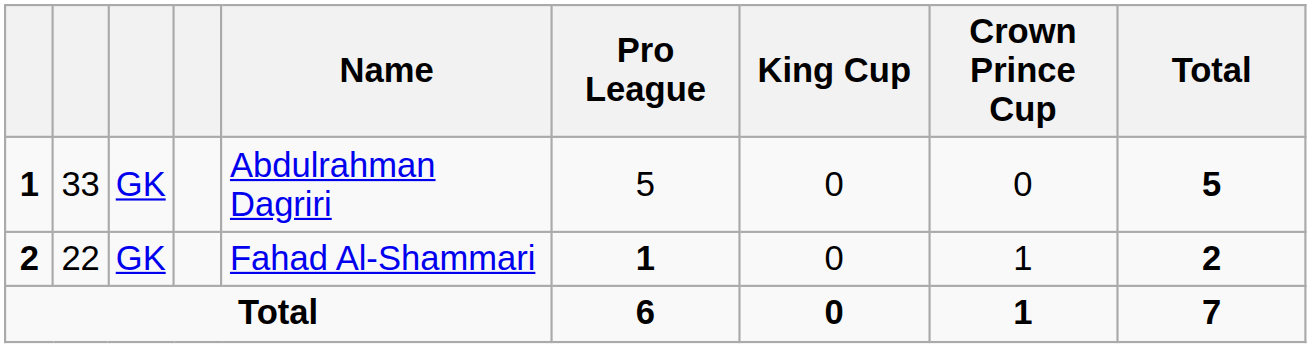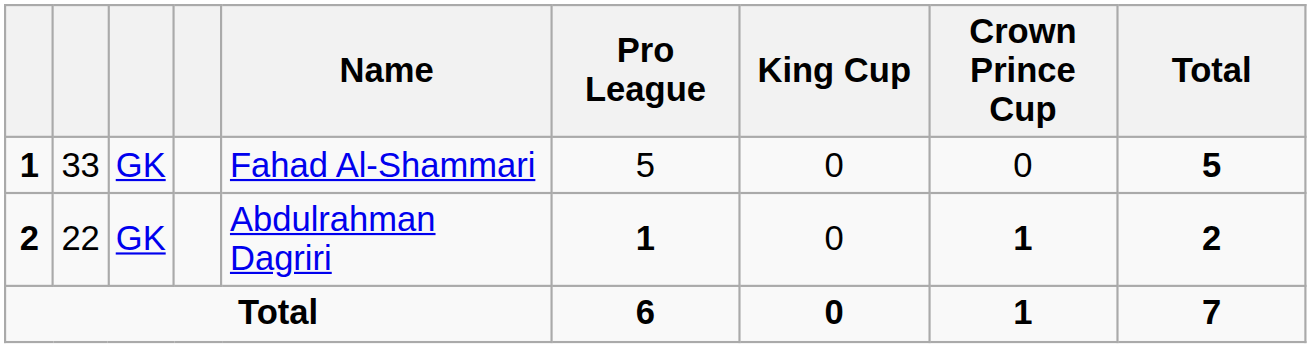 <table class="wikitable" style="text-align:center">
 <tr>
 <th width=15></th>
 <th width=15></th>
 <th width=15></th>
 <th width=15></th>
 <th width=145>Name</th>
 <th width=80>Pro League</th>
 <th width=80>King Cup</th>
 <th width=80>Crown Prince Cup</th>
 <th width=80>Total</th>
 </tr>
 <tr>
 <td><strong>1</strong></td>
 <td>33</td>
 <td><a href='#'>GK</a></td>
 <td></td>
-<td align=left><a href='#'>Abdulrahman Dagriri</a></td>
+<td align=left><a href='#'>Fahad Al-Shammari</a></td>
 <td>5</td>
 <td>0</td>
 <td>0</td>
 <td><strong>5</strong></td>
 </tr>
 <tr>
 <td><strong>2</strong></td>
 <td>22</td>
 <td><a href='#'>GK</a></td>
 <td></td>
-<td align=left><a href='#'>Fahad Al-Shammari</a></td>
+<td align=left><a href='#'>Abdulrahman Dagriri</a></td>
 <td><strong>1</strong></td>
 <td>0</td>
-<td>1</td>
+<td><strong>1</strong></td>
 <td><strong>2</strong></td>
 </tr>
 <tr>
 <td colspan=5><strong>Total</strong></td>
 <td><strong>6</strong></td>
 <td><strong>0</strong></td>
 <td><strong>1</strong></td>
 <td><strong>7</strong></td>
 </tr>
 </table>
